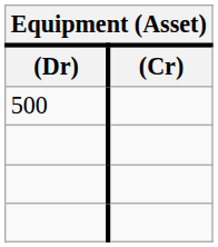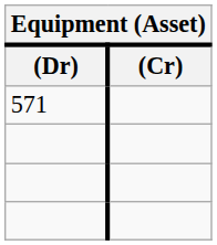 <table class="wikitable">
 <tr>
 <th style="border-bottom:3px solid black" colspan="2">Equipment (Asset)</th>
 </tr>
 <tr>
 <th style="border-right:3px solid black">(Dr)</th>
 <th>(Cr)</th>
 </tr>
 <tr>
-<td style="border-right:3px solid black">500</td>
+<td style="border-right:3px solid black">571</td>
 <td> </td>
 </tr>
 <tr>
 <td style="border-right:3px solid black"> </td>
 <td> </td>
 </tr>
 <tr>
 <td style="border-right:3px solid black"> </td>
 <td> </td>
 </tr>
 <tr>
 <td style="border-right:3px solid black"> </td>
 <td> </td>
 </tr>
 </table>
